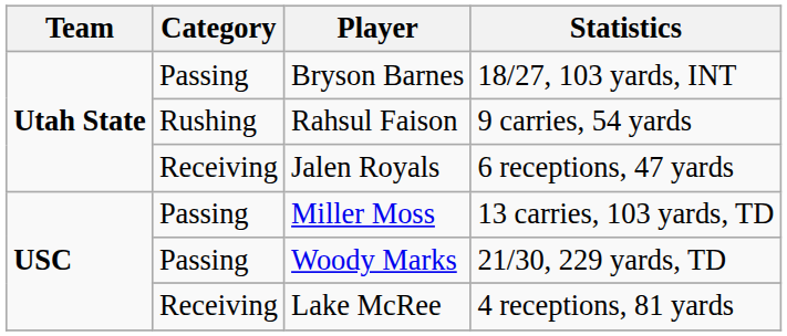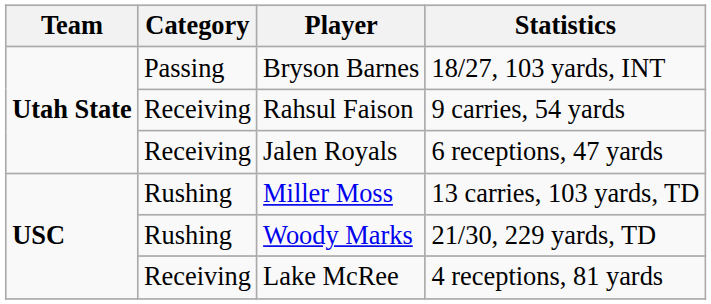 <table class="wikitable" style="float: right;">
 <tr>
 <th>Team</th>
 <th>Category</th>
 <th>Player</th>
 <th>Statistics</th>
 </tr>
 <tr>
 <td rowspan=3><strong>Utah State</strong></td>
 <td>Passing</td>
 <td>Bryson Barnes</td>
 <td>18/27, 103 yards, INT</td>
 </tr>
 <tr>
-<td>Rushing</td>
+<td>Receiving</td>
 <td>Rahsul Faison</td>
 <td>9 carries, 54 yards</td>
 </tr>
 <tr>
 <td>Receiving</td>
 <td>Jalen Royals</td>
 <td>6 receptions, 47 yards</td>
 </tr>
 <tr>
 <td rowspan=3><strong>USC</strong></td>
-<td>Passing</td>
+<td>Rushing</td>
 <td><a href='#'>Miller Moss</a></td>
 <td>13 carries, 103 yards, TD</td>
 </tr>
 <tr>
-<td>Passing</td>
+<td>Rushing</td>
 <td><a href='#'>Woody Marks</a></td>
 <td>21/30, 229 yards, TD</td>
 </tr>
 <tr>
 <td>Receiving</td>
 <td>Lake McRee</td>
 <td>4 receptions, 81 yards</td>
 </tr>
 </table>
